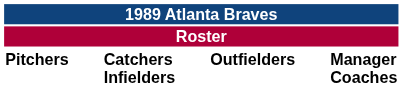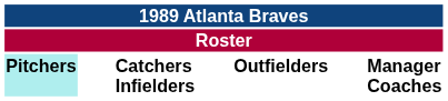 <table class="toccolours" style="font-size: 95%;">
 <tr>
 <th colspan="10" style="background-color: #0f437c; color: #FFFFFF; text-align: center;">1989 Atlanta Braves</th>
 </tr>
 <tr>
 <td colspan="10" style="background-color:#af0039; color: white; text-align: center;"><strong>Roster</strong></td>
 </tr>
 <tr>
-<td valign="top"><strong>Pitchers</strong><br>                    </td>
+<td valign="top" style="background: paleturquoise;"><strong>Pitchers</strong><br>                    </td>
 <td width="25px"></td>
 <td valign="top"><strong>Catchers</strong><br>     <strong>Infielders</strong>           </td>
 <td width="25px"></td>
 <td valign="top"><strong>Outfielders</strong><br>        </td>
 <td width="25px"></td>
 <td valign="top"><strong>Manager</strong><br> <strong>Coaches</strong>     </td>
 </tr>
 </table>
